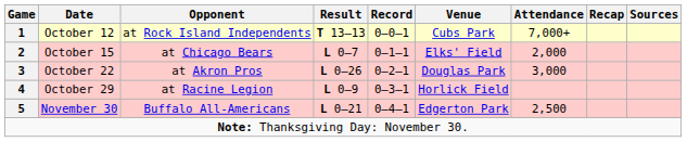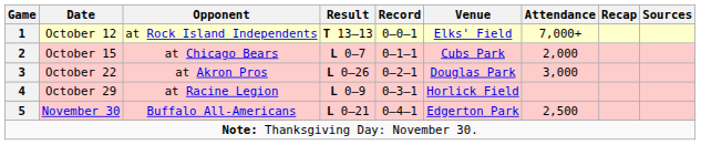 <table class="wikitable" style="text-align:center">
 <tr>
 <th>Game</th>
 <th>Date</th>
 <th>Opponent</th>
 <th>Result</th>
 <th>Record</th>
 <th>Venue</th>
 <th>Attendance</th>
 <th>Recap</th>
 <th>Sources</th>
 </tr>
 <tr style="background:#ffc">
 <th>1</th>
 <td>October 12</td>
 <td>at <a href='#'>Rock Island Independents</a></td>
 <td><strong>T</strong> 13–13</td>
 <td>0–0–1</td>
-<td><a href='#'>Cubs Park</a></td>
+<td><a href='#'>Elks' Field</a></td>
 <td>7,000+</td>
 <td></td>
 <td></td>
 </tr>
 <tr style="background:#fcc">
 <th>2</th>
 <td>October 15</td>
 <td>at <a href='#'>Chicago Bears</a></td>
 <td><strong>L</strong> 0–7</td>
 <td>0–1–1</td>
-<td><a href='#'>Elks' Field</a></td>
+<td><a href='#'>Cubs Park</a></td>
 <td>2,000</td>
 <td></td>
 <td></td>
 </tr>
 <tr style="background:#fcc">
 <th>3</th>
 <td>October 22</td>
 <td>at <a href='#'>Akron Pros</a></td>
 <td><strong>L</strong> 0–26</td>
 <td>0–2–1</td>
 <td><a href='#'>Douglas Park</a></td>
 <td>3,000</td>
 <td></td>
 <td></td>
 </tr>
 <tr style="background:#fcc">
 <th>4</th>
 <td>October 29</td>
 <td>at <a href='#'>Racine Legion</a></td>
 <td><strong>L</strong> 0–9</td>
 <td>0–3–1</td>
 <td><a href='#'>Horlick Field</a></td>
 <td></td>
 <td></td>
 <td></td>
 </tr>
 <tr style="background:#fcc">
 <th>5</th>
 <td><a href='#'>November 30</a></td>
 <td><a href='#'>Buffalo All-Americans</a></td>
 <td><strong>L</strong> 0–21</td>
 <td>0–4–1</td>
 <td><a href='#'>Edgerton Park</a></td>
 <td>2,500</td>
 <td></td>
 <td></td>
 </tr>
 <tr>
 <td colspan="10"><strong>Note:</strong> Thanksgiving Day: November 30.</td>
 </tr>
 </table>
